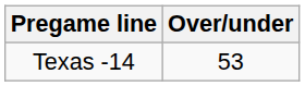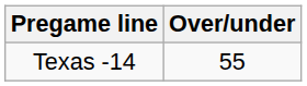 <table class="wikitable" style="margin-left: auto; margin-right: auto; border: none; display: inline-table;">
 <tr align="center">
 <th style=>Pregame line</th>
 <th style=>Over/under</th>
 </tr>
 <tr align="center">
 <td>Texas -14</td>
-<td>53</td>
+<td>55</td>
 </tr>
 </table>
